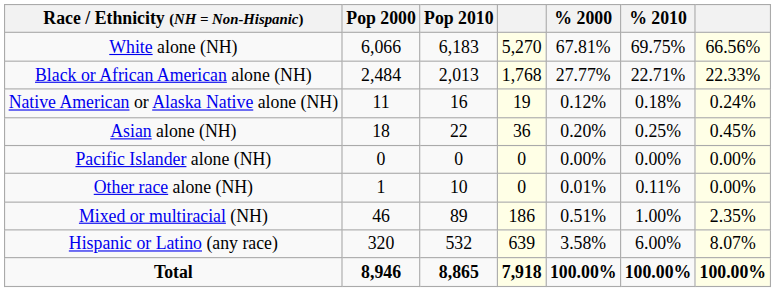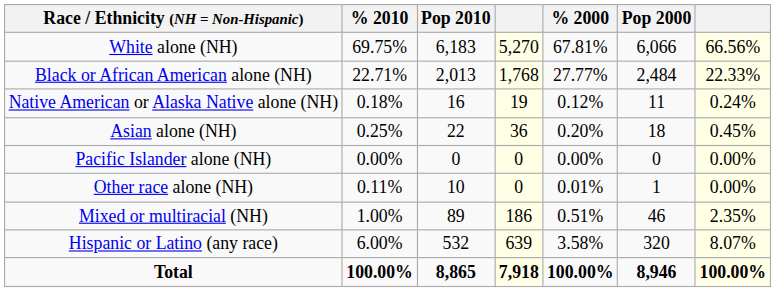 <table class="wikitable" style="text-align:center;">
 <tr>
 <th>Race / Ethnicity <small>(<em>NH = Non-Hispanic</em>)</small></th>
-<th>Pop 2000</th>
+<th>% 2010</th>
 <th>Pop 2010</th>
 <th></th>
 <th>% 2000</th>
-<th>% 2010</th>
+<th>Pop 2000</th>
 <th></th>
 </tr>
 <tr>
 <td><a href='#'>White</a> alone (NH)</td>
-<td>6,066</td>
+<td>69.75%</td>
 <td>6,183</td>
 <td style='background: #ffffe6;'>5,270</td>
 <td>67.81%</td>
-<td>69.75%</td>
+<td>6,066</td>
 <td style='background: #ffffe6;'>66.56%</td>
 </tr>
 <tr>
 <td><a href='#'>Black or African American</a> alone (NH)</td>
-<td>2,484</td>
+<td>22.71%</td>
 <td>2,013</td>
 <td style='background: #ffffe6;'>1,768</td>
 <td>27.77%</td>
-<td>22.71%</td>
+<td>2,484</td>
 <td style='background: #ffffe6;'>22.33%</td>
 </tr>
 <tr>
 <td><a href='#'>Native American</a> or <a href='#'>Alaska Native</a> alone (NH)</td>
-<td>11</td>
+<td>0.18%</td>
 <td>16</td>
 <td style='background: #ffffe6;'>19</td>
 <td>0.12%</td>
-<td>0.18%</td>
+<td>11</td>
 <td style='background: #ffffe6;'>0.24%</td>
 </tr>
 <tr>
 <td><a href='#'>Asian</a> alone (NH)</td>
-<td>18</td>
+<td>0.25%</td>
 <td>22</td>
 <td style='background: #ffffe6;'>36</td>
 <td>0.20%</td>
-<td>0.25%</td>
+<td>18</td>
 <td style='background: #ffffe6;'>0.45%</td>
 </tr>
 <tr>
 <td><a href='#'>Pacific Islander</a> alone (NH)</td>
-<td>0</td>
+<td>0.00%</td>
 <td>0</td>
 <td style='background: #ffffe6;'>0</td>
 <td>0.00%</td>
-<td>0.00%</td>
+<td>0</td>
 <td style='background: #ffffe6;'>0.00%</td>
 </tr>
 <tr>
 <td><a href='#'>Other race</a> alone (NH)</td>
-<td>1</td>
+<td>0.11%</td>
 <td>10</td>
 <td style='background: #ffffe6;'>0</td>
 <td>0.01%</td>
-<td>0.11%</td>
+<td>1</td>
 <td style='background: #ffffe6;'>0.00%</td>
 </tr>
 <tr>
 <td><a href='#'>Mixed or multiracial</a> (NH)</td>
-<td>46</td>
+<td>1.00%</td>
 <td>89</td>
 <td style='background: #ffffe6;'>186</td>
 <td>0.51%</td>
-<td>1.00%</td>
+<td>46</td>
 <td style='background: #ffffe6;'>2.35%</td>
 </tr>
 <tr>
 <td><a href='#'>Hispanic or Latino</a> (any race)</td>
-<td>320</td>
+<td>6.00%</td>
 <td>532</td>
 <td style='background: #ffffe6;'>639</td>
 <td>3.58%</td>
-<td>6.00%</td>
+<td>320</td>
 <td style='background: #ffffe6;'>8.07%</td>
 </tr>
 <tr>
 <td><strong>Total</strong></td>
-<td><strong>8,946</strong></td>
+<td><strong>100.00%</strong></td>
 <td><strong>8,865</strong></td>
 <td style='background: #ffffe6;'><strong>7,918</strong></td>
 <td><strong>100.00%</strong></td>
-<td><strong>100.00%</strong></td>
+<td><strong>8,946</strong></td>
 <td style='background: #ffffe6;'><strong>100.00%</strong></td>
 </tr>
 </table>
